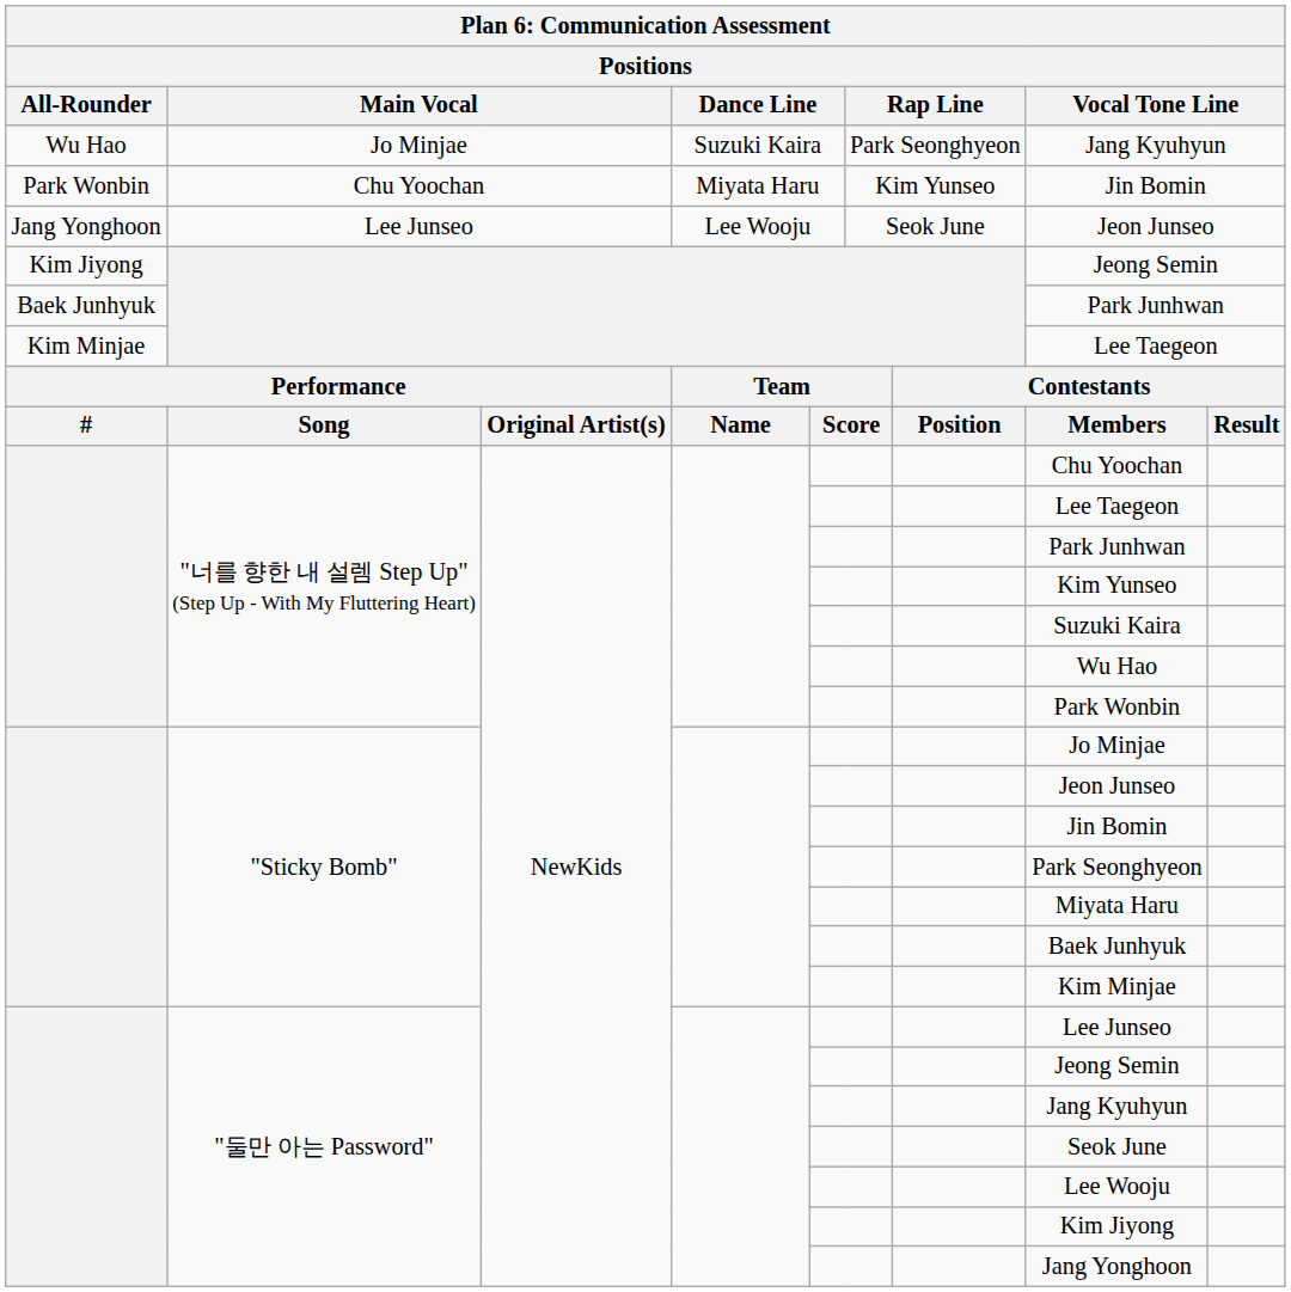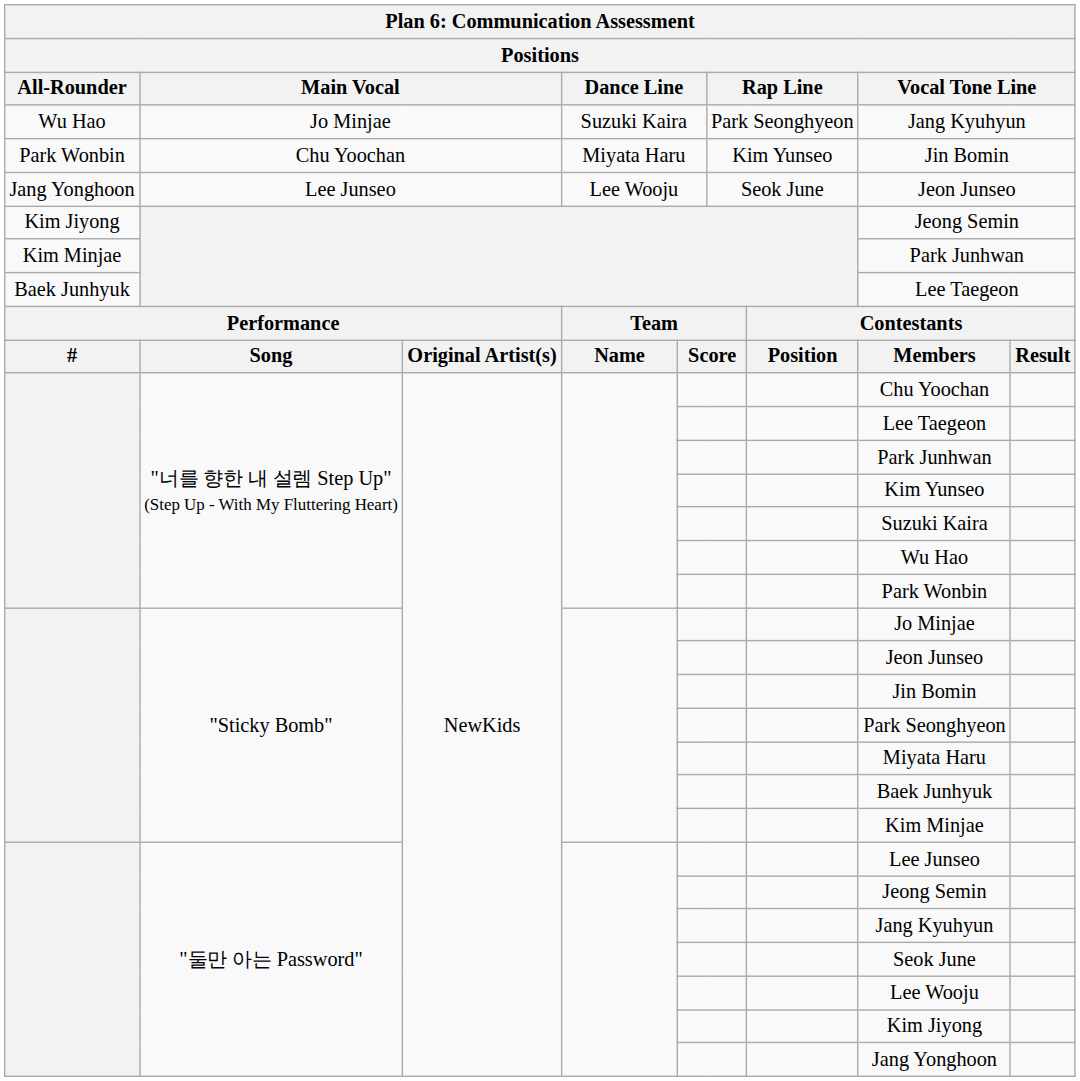 <table class="wikitable sortable mw-collapsible mw-collapsed" style="font-size:90%; text-align:center; ">
 <tr>
 <th colspan="9">Plan 6: Communication Assessment</th>
 </tr>
 <tr>
 <th colspan="9">Positions</th>
 </tr>
 <tr>
 <th>All-Rounder</th>
 <th colspan="2">Main Vocal</th>
 <th colspan="2">Dance Line</th>
 <th colspan="2">Rap Line</th>
 <th colspan="2">Vocal Tone Line</th>
 </tr>
 <tr>
 <td>Wu Hao</td>
 <td colspan="2">Jo Minjae</td>
 <td colspan="2">Suzuki Kaira</td>
 <td colspan="2">Park Seonghyeon</td>
 <td colspan="2">Jang Kyuhyun</td>
 </tr>
 <tr>
 <td>Park Wonbin</td>
 <td colspan="2">Chu Yoochan</td>
 <td colspan="2">Miyata Haru</td>
 <td colspan="2">Kim Yunseo</td>
 <td colspan="2">Jin Bomin</td>
 </tr>
 <tr>
 <td>Jang Yonghoon</td>
 <td colspan="2">Lee Junseo</td>
 <td colspan="2">Lee Wooju</td>
 <td colspan="2">Seok June</td>
 <td colspan="2">Jeon Junseo</td>
 </tr>
 <tr>
 <td>Kim Jiyong</td>
 <th colspan="6" rowspan="3"></th>
 <td colspan="2">Jeong Semin</td>
 </tr>
 <tr>
-<td>Baek Junhyuk</td>
+<td>Kim Minjae</td>
 <td colspan="2">Park Junhwan</td>
 </tr>
 <tr>
-<td>Kim Minjae</td>
+<td>Baek Junhyuk</td>
 <td colspan="2">Lee Taegeon</td>
 </tr>
 <tr>
 <th colspan="3">Performance</th>
 <th colspan="3">Team</th>
 <th colspan="3">Contestants</th>
 </tr>
 <tr>
 <th>#</th>
 <th>Song</th>
 <th>Original Artist(s)</th>
 <th>Name</th>
 <th colspan="2">Score</th>
 <th>Position</th>
 <th>Members</th>
 <th>Result</th>
 </tr>
 <tr>
 <th rowspan="7"></th>
 <td rowspan="7">"너를 향한 내 설렘 Step Up"<br><small>(Step Up - With My Fluttering Heart)</small></td>
 <td rowspan="21">NewKids</td>
 <td rowspan="7"></td>
 <td colspan="2"></td>
 <td></td>
 <td>Chu Yoochan</td>
 <td></td>
 </tr>
 <tr>
 <td colspan="2"></td>
 <td></td>
 <td>Lee Taegeon</td>
 <td></td>
 </tr>
 <tr>
 <td colspan="2"></td>
 <td></td>
 <td>Park Junhwan</td>
 <td></td>
 </tr>
 <tr>
 <td colspan="2"></td>
 <td></td>
 <td>Kim Yunseo</td>
 <td></td>
 </tr>
 <tr>
 <td colspan="2"></td>
 <td></td>
 <td>Suzuki Kaira</td>
 <td></td>
 </tr>
 <tr>
 <td colspan="2"></td>
 <td></td>
 <td>Wu Hao</td>
 <td></td>
 </tr>
 <tr>
 <td colspan="2"></td>
 <td></td>
 <td>Park Wonbin</td>
 <td></td>
 </tr>
 <tr>
 <th rowspan="7"></th>
 <td rowspan="7">"Sticky Bomb"</td>
 <td rowspan="7"></td>
 <td colspan="2"></td>
 <td></td>
 <td>Jo Minjae</td>
 <td></td>
 </tr>
 <tr>
 <td colspan="2"></td>
 <td></td>
 <td>Jeon Junseo</td>
 <td></td>
 </tr>
 <tr>
 <td colspan="2"></td>
 <td></td>
 <td>Jin Bomin</td>
 <td></td>
 </tr>
 <tr>
 <td colspan="2"></td>
 <td></td>
 <td>Park Seonghyeon</td>
 <td></td>
 </tr>
 <tr>
 <td colspan="2"></td>
 <td></td>
 <td>Miyata Haru</td>
 <td></td>
 </tr>
 <tr>
 <td colspan="2"></td>
 <td></td>
 <td>Baek Junhyuk</td>
 <td></td>
 </tr>
 <tr>
 <td colspan="2"></td>
 <td></td>
 <td>Kim Minjae</td>
 <td></td>
 </tr>
 <tr>
 <th rowspan="7"></th>
 <td rowspan="7">"둘만 아는 Password"</td>
 <td rowspan="7"></td>
 <td colspan="2"></td>
 <td></td>
 <td>Lee Junseo</td>
 <td></td>
 </tr>
 <tr>
 <td colspan="2"></td>
 <td></td>
 <td>Jeong Semin</td>
 <td></td>
 </tr>
 <tr>
 <td colspan="2"></td>
 <td></td>
 <td>Jang Kyuhyun</td>
 <td></td>
 </tr>
 <tr>
 <td colspan="2"></td>
 <td></td>
 <td>Seok June</td>
 <td></td>
 </tr>
 <tr>
 <td colspan="2"></td>
 <td></td>
 <td>Lee Wooju</td>
 <td></td>
 </tr>
 <tr>
 <td colspan="2"></td>
 <td></td>
 <td>Kim Jiyong</td>
 <td></td>
 </tr>
 <tr>
 <td colspan="2"></td>
 <td></td>
 <td>Jang Yonghoon</td>
 <td></td>
 </tr>
 </table>
